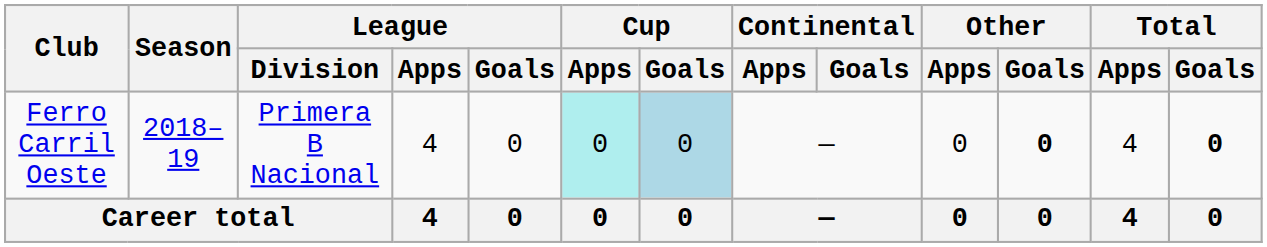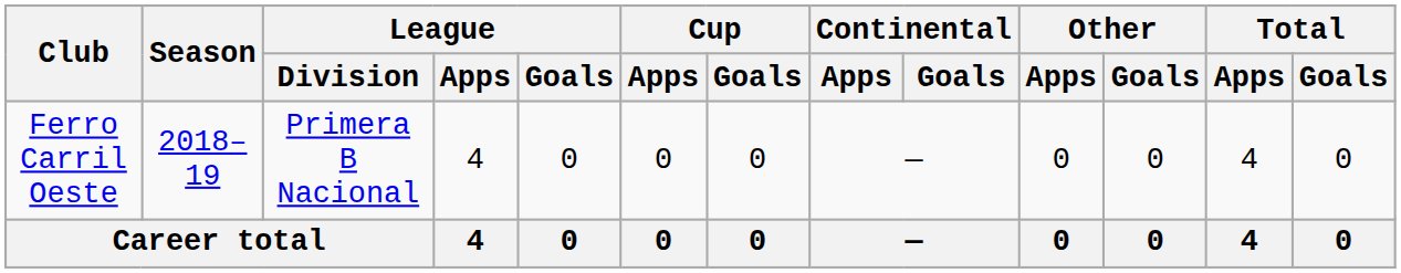 <table class="wikitable" style="text-align:center">
 <tr>
 <th rowspan="2">Club</th>
 <th rowspan="2">Season</th>
 <th colspan="3">League</th>
 <th colspan="2">Cup</th>
 <th colspan="2">Continental</th>
 <th colspan="2">Other</th>
 <th colspan="2">Total</th>
 </tr>
 <tr>
 <th>Division</th>
 <th>Apps</th>
 <th>Goals</th>
 <th>Apps</th>
 <th>Goals</th>
 <th>Apps</th>
 <th>Goals</th>
 <th>Apps</th>
 <th>Goals</th>
 <th>Apps</th>
 <th>Goals</th>
 </tr>
 <tr>
 <td rowspan="1"><a href='#'>Ferro Carril Oeste</a></td>
 <td><a href='#'>2018–19</a></td>
 <td rowspan="1"><a href='#'>Primera B Nacional</a></td>
 <td>4</td>
 <td>0</td>
-<td style="background: paleturquoise;">0</td>
-<td style="background: lightblue;">0</td>
+<td>0</td>
+<td>0</td>
 <td colspan="2">—</td>
 <td>0</td>
-<td><strong>0</strong></td>
+<td>0</td>
 <td>4</td>
-<td><strong>0</strong></td>
+<td>0</td>
 </tr>
 <tr>
 <th colspan="3">Career total</th>
 <th>4</th>
 <th>0</th>
 <th>0</th>
 <th>0</th>
 <th colspan="2">—</th>
 <th>0</th>
 <th>0</th>
 <th>4</th>
 <th>0</th>
 </tr>
 </table>
